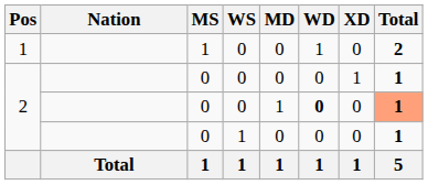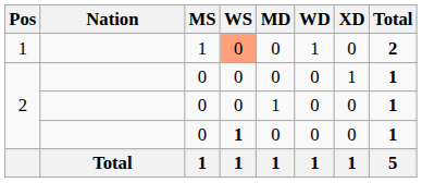 <table class="wikitable" style="text-align:center">
 <tr>
 <th width="20">Pos</th>
 <th width="120">Nation</th>
 <th width="20">MS</th>
 <th width="20">WS</th>
 <th width="20">MD</th>
 <th width="20">WD</th>
 <th width="20">XD</th>
 <th>Total</th>
 </tr>
 <tr>
 <td>1</td>
 <td align=left><strong></strong></td>
 <td>1</td>
-<td>0</td>
+<td style="background: lightsalmon;">0</td>
 <td>0</td>
 <td>1</td>
 <td>0</td>
 <td><strong>2</strong></td>
 </tr>
 <tr>
 <td rowspan="3">2</td>
 <td align=left></td>
 <td>0</td>
 <td>0</td>
 <td>0</td>
 <td>0</td>
 <td>1</td>
 <td><strong>1</strong></td>
 </tr>
 <tr>
 <td align=left></td>
 <td>0</td>
 <td>0</td>
 <td>1</td>
-<td><strong>0</strong></td>
 <td>0</td>
-<td style="background: lightsalmon;"><strong>1</strong></td>
+<td>0</td>
+<td><strong>1</strong></td>
 </tr>
 <tr>
 <td align=left></td>
 <td>0</td>
-<td>1</td>
+<td><strong>1</strong></td>
 <td>0</td>
 <td>0</td>
 <td>0</td>
 <td><strong>1</strong></td>
 </tr>
 <tr>
 <th></th>
 <th align=left><strong>Total</strong></th>
 <th>1</th>
 <th>1</th>
 <th>1</th>
 <th>1</th>
 <th>1</th>
 <th>5</th>
 </tr>
 </table>
